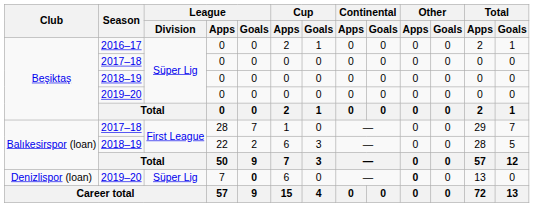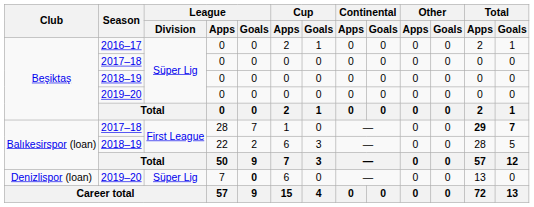 <table class="wikitable" style="text-align:center">
 <tr>
 <th rowspan="2">Club</th>
 <th rowspan="2">Season</th>
 <th colspan="3">League</th>
 <th colspan="2">Cup</th>
 <th colspan="2">Continental</th>
 <th colspan="2">Other</th>
 <th colspan="2">Total</th>
 </tr>
 <tr>
 <th>Division</th>
 <th>Apps</th>
 <th>Goals</th>
 <th>Apps</th>
 <th>Goals</th>
 <th>Apps</th>
 <th>Goals</th>
 <th>Apps</th>
 <th>Goals</th>
 <th>Apps</th>
 <th>Goals</th>
 </tr>
 <tr>
 <td rowspan="5"><a href='#'>Beşiktaş</a></td>
 <td><a href='#'>2016–17</a></td>
 <td rowspan="4"><a href='#'>Süper Lig</a></td>
 <td>0</td>
 <td>0</td>
 <td>2</td>
 <td>1</td>
 <td>0</td>
 <td>0</td>
 <td>0</td>
 <td>0</td>
 <td>2</td>
 <td>1</td>
 </tr>
 <tr>
 <td><a href='#'>2017–18</a></td>
 <td>0</td>
 <td>0</td>
 <td>0</td>
 <td>0</td>
 <td>0</td>
 <td>0</td>
 <td>0</td>
 <td>0</td>
 <td>0</td>
 <td>0</td>
 </tr>
 <tr>
 <td><a href='#'>2018–19</a></td>
 <td>0</td>
 <td>0</td>
 <td>0</td>
 <td>0</td>
 <td>0</td>
 <td>0</td>
 <td>0</td>
 <td>0</td>
 <td>0</td>
 <td>0</td>
 </tr>
 <tr>
 <td><a href='#'>2019–20</a></td>
 <td>0</td>
 <td>0</td>
 <td>0</td>
 <td>0</td>
 <td>0</td>
 <td>0</td>
 <td>0</td>
 <td>0</td>
 <td>0</td>
 <td>0</td>
 </tr>
 <tr>
 <th colspan="2">Total</th>
 <th>0</th>
 <th>0</th>
 <th>2</th>
 <th>1</th>
 <th>0</th>
 <th>0</th>
 <th>0</th>
 <th>0</th>
 <th>2</th>
 <th>1</th>
 </tr>
 <tr>
 <td rowspan="3"><a href='#'>Balıkesirspor</a> (loan)</td>
 <td><a href='#'>2017–18</a></td>
 <td rowspan="2"><a href='#'>First League</a></td>
 <td>28</td>
 <td>7</td>
 <td>1</td>
 <td>0</td>
 <td colspan="2">—</td>
 <td>0</td>
 <td>0</td>
-<td>29</td>
-<td>7</td>
+<td><strong>29</strong></td>
+<td><strong>7</strong></td>
 </tr>
 <tr>
 <td><a href='#'>2018–19</a></td>
 <td>22</td>
 <td>2</td>
 <td>6</td>
 <td>3</td>
 <td colspan="2">—</td>
 <td>0</td>
 <td>0</td>
 <td>28</td>
 <td>5</td>
 </tr>
 <tr>
 <th colspan="2">Total</th>
 <th>50</th>
 <th>9</th>
 <th>7</th>
 <th>3</th>
 <th colspan="2">—</th>
 <th>0</th>
 <th>0</th>
 <th>57</th>
 <th>12</th>
 </tr>
 <tr>
 <td rowspan="1"><a href='#'>Denizlispor</a> (loan)</td>
 <td><a href='#'>2019–20</a></td>
 <td rowspan="1"><a href='#'>Süper Lig</a></td>
 <td>7</td>
 <td><strong>0</strong></td>
 <td>6</td>
 <td>0</td>
 <td colspan="2">—</td>
-<td><strong>0</strong></td>
+<td>0</td>
 <td>0</td>
 <td>13</td>
 <td>0</td>
 </tr>
 <tr>
 <th colspan="3">Career total</th>
 <th>57</th>
 <th>9</th>
 <th>15</th>
 <th>4</th>
 <th>0</th>
 <th>0</th>
 <th>0</th>
 <th>0</th>
 <th>72</th>
 <th>13</th>
 </tr>
 </table>
